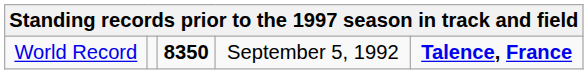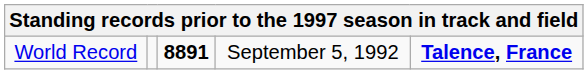 <table class="wikitable" style=" text-align:center;">
 <tr>
 <th colspan="5">Standing records prior to the 1997 season in track and field</th>
 </tr>
 <tr>
 <td><a href='#'>World Record</a></td>
 <td></td>
-<td><strong>8350</strong></td>
+<td><strong>8891</strong></td>
 <td>September 5, 1992</td>
 <td><strong> <a href='#'>Talence</a>, <a href='#'>France</a></strong></td>
 </tr>
 </table>
